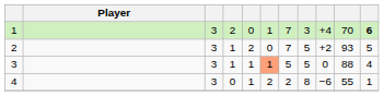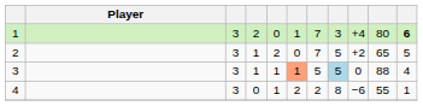 <table class="wikitable" style="text-align:center;">
 <tr>
 <th width=20></th>
 <th width=260>Player</th>
 <th width=20></th>
 <th width=20></th>
 <th width=20></th>
 <th width=20></th>
 <th width=20></th>
 <th width=20></th>
 <th width=20></th>
 <th width=30></th>
 <th width=20></th>
 </tr>
 <tr style="background:#D0F0C0;">
 <td>1</td>
 <td align=left> <small></small></td>
 <td>3</td>
 <td>2</td>
 <td>0</td>
 <td>1</td>
 <td>7</td>
 <td>3</td>
 <td>+4</td>
-<td>70</td>
+<td>80</td>
 <td><strong>6</strong></td>
 </tr>
 <tr>
 <td>2</td>
 <td align=left> <small></small></td>
 <td>3</td>
 <td>1</td>
 <td>2</td>
 <td>0</td>
 <td>7</td>
 <td>5</td>
 <td>+2</td>
-<td>93</td>
+<td>65</td>
 <td>5</td>
 </tr>
 <tr>
 <td>3</td>
 <td align=left> <small></small></td>
 <td>3</td>
 <td>1</td>
 <td>1</td>
 <td style="background: lightsalmon;">1</td>
 <td>5</td>
-<td>5</td>
+<td style="background: lightblue;">5</td>
 <td>0</td>
 <td>88</td>
 <td>4</td>
 </tr>
 <tr>
 <td>4</td>
 <td align=left> <small></small></td>
 <td>3</td>
 <td>0</td>
 <td>1</td>
 <td>2</td>
 <td>2</td>
 <td>8</td>
 <td>−6</td>
 <td>55</td>
 <td>1</td>
 </tr>
 <tr>
 </tr>
 </table>
